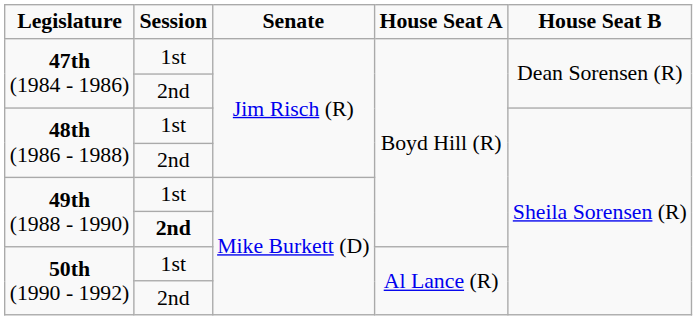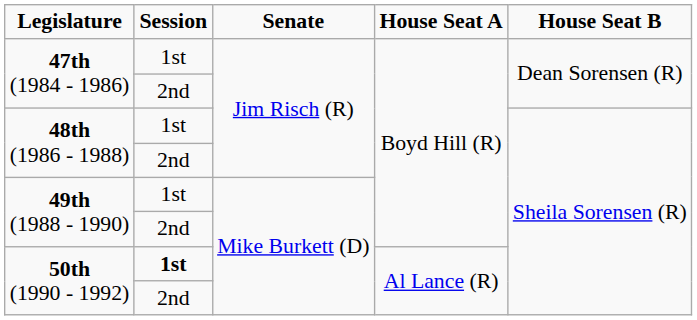 <table class=wikitable style="text-align:center">
 <tr>
 <td><strong>Legislature</strong></td>
 <td><strong>Session</strong></td>
 <td><strong>Senate</strong></td>
 <td><strong>House Seat A</strong></td>
 <td><strong>House Seat B</strong></td>
 </tr>
 <tr>
 <td rowspan="2" colspan="1" style="text-align: center;"><strong>47th</strong> <br> (1984 - 1986)</td>
 <td>1st</td>
 <td rowspan="4" colspan="1" style="text-align: center;" ><a href='#'>Jim Risch</a> (R)</td>
 <td rowspan="6" colspan="1" style="text-align: center;" >Boyd Hill (R)</td>
 <td rowspan="2" colspan="1" style="text-align: center;" >Dean Sorensen (R)</td>
 </tr>
 <tr>
 <td>2nd</td>
 </tr>
 <tr>
 <td rowspan="2" colspan="1" style="text-align: center;"><strong>48th</strong> <br> (1986 - 1988)</td>
 <td>1st</td>
 <td rowspan="6" colspan="1" style="text-align: center;" ><a href='#'>Sheila Sorensen</a> (R)</td>
 </tr>
 <tr>
 <td>2nd</td>
 </tr>
 <tr>
 <td rowspan="2" colspan="1" style="text-align: center;"><strong>49th</strong> <br> (1988 - 1990)</td>
 <td>1st</td>
 <td rowspan="4" colspan="1" style="text-align: center;" ><a href='#'>Mike Burkett</a> (D)</td>
 </tr>
 <tr>
-<td><strong>2nd</strong></td>
+<td>2nd</td>
 </tr>
 <tr>
 <td rowspan="2" colspan="1" style="text-align: center;"><strong>50th</strong> <br> (1990 - 1992)</td>
-<td>1st</td>
+<td><strong>1st</strong></td>
 <td rowspan="2" colspan="1" style="text-align: center;" ><a href='#'>Al Lance</a> (R)</td>
 </tr>
 <tr>
 <td>2nd</td>
 </tr>
 </table>
